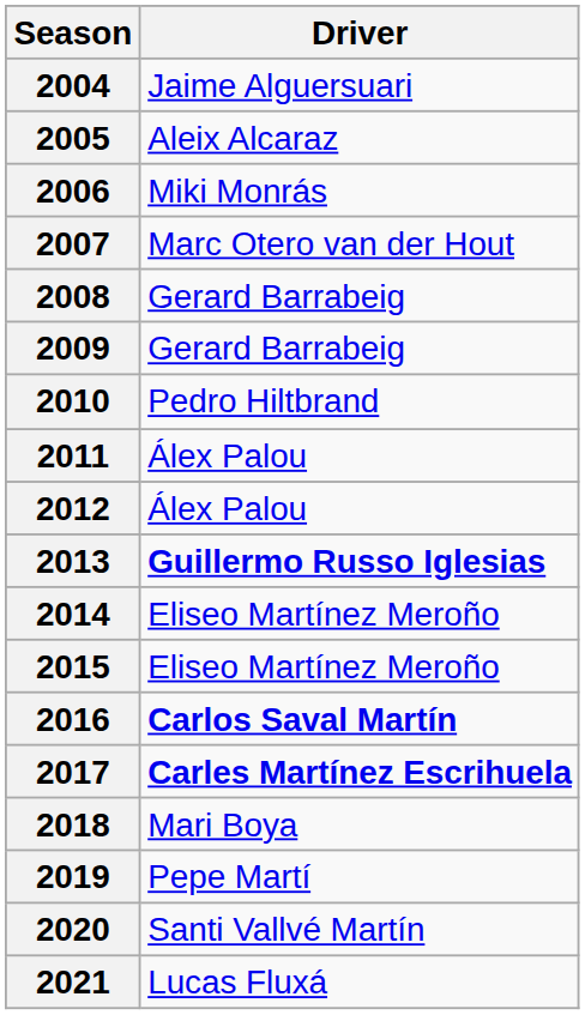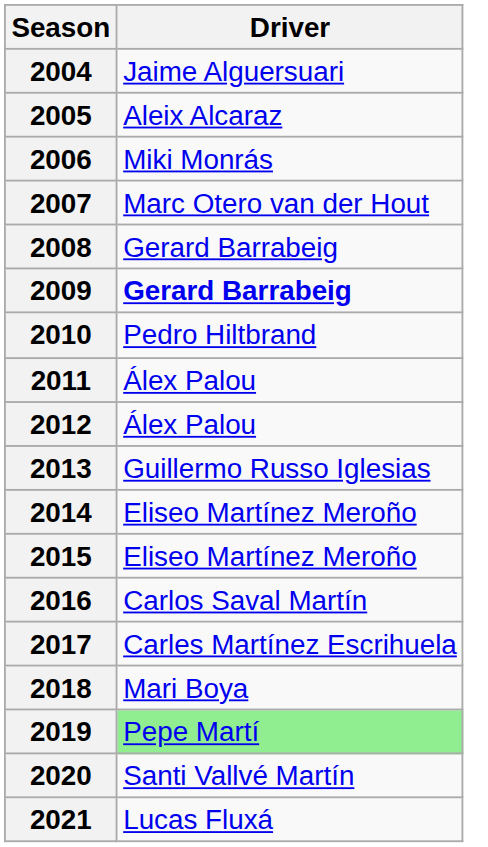 <table class="wikitable" style="font-size: 95%;">
 <tr>
 <th>Season</th>
 <th>Driver</th>
 </tr>
 <tr>
 <th>2004</th>
 <td> <a href='#'>Jaime Alguersuari</a></td>
 </tr>
 <tr>
 <th>2005</th>
 <td> <a href='#'>Aleix Alcaraz</a></td>
 </tr>
 <tr>
 <th>2006</th>
 <td> <a href='#'>Miki Monrás</a></td>
 </tr>
 <tr>
 <th>2007</th>
 <td> <a href='#'>Marc Otero van der Hout</a></td>
 </tr>
 <tr>
 <th>2008</th>
 <td> <a href='#'>Gerard Barrabeig</a></td>
 </tr>
 <tr>
 <th>2009</th>
-<td> <a href='#'>Gerard Barrabeig</a></td>
+<td><strong> <a href='#'>Gerard Barrabeig</a></strong></td>
 </tr>
 <tr>
 <th>2010</th>
 <td> <a href='#'>Pedro Hiltbrand</a></td>
 </tr>
 <tr>
 <th>2011</th>
 <td> <a href='#'>Álex Palou</a></td>
 </tr>
 <tr>
 <th>2012</th>
 <td> <a href='#'>Álex Palou</a></td>
 </tr>
 <tr>
 <th>2013</th>
-<td><strong> <a href='#'>Guillermo Russo Iglesias</a></strong></td>
+<td> <a href='#'>Guillermo Russo Iglesias</a></td>
 </tr>
 <tr>
 <th>2014</th>
 <td> <a href='#'>Eliseo Martínez Meroño</a></td>
 </tr>
 <tr>
 <th>2015</th>
 <td> <a href='#'>Eliseo Martínez Meroño</a></td>
 </tr>
 <tr>
 <th>2016</th>
-<td><strong> <a href='#'>Carlos Saval Martín</a></strong></td>
+<td> <a href='#'>Carlos Saval Martín</a></td>
 </tr>
 <tr>
 <th>2017</th>
-<td><strong> <a href='#'>Carles Martínez Escrihuela</a></strong></td>
+<td> <a href='#'>Carles Martínez Escrihuela</a></td>
 </tr>
 <tr>
 <th>2018</th>
 <td> <a href='#'>Mari Boya</a></td>
 </tr>
 <tr>
 <th>2019</th>
-<td> <a href='#'>Pepe Martí</a></td>
+<td style="background: lightgreen;"> <a href='#'>Pepe Martí</a></td>
 </tr>
 <tr>
 <th>2020</th>
 <td> <a href='#'>Santi Vallvé Martín</a></td>
 </tr>
 <tr>
 <th>2021</th>
 <td> <a href='#'>Lucas Fluxá</a></td>
 </tr>
 </table>
